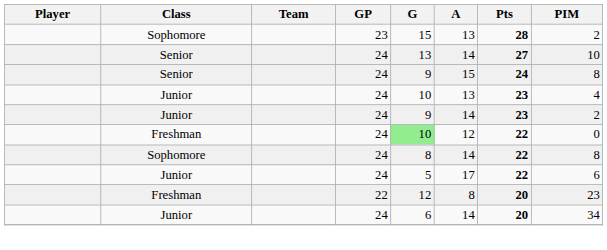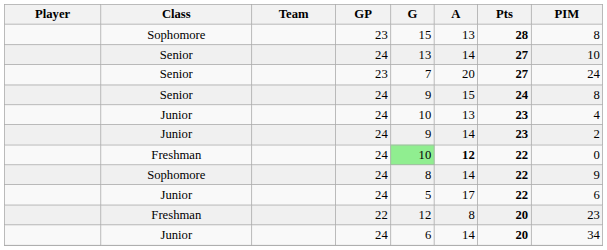 <table class="wikitable sortable" style="text-align: center; "width=60%">
 <tr>
 <th>Player</th>
 <th>Class</th>
 <th>Team</th>
 <th>GP</th>
 <th>G</th>
 <th>A</th>
 <th>Pts</th>
 <th>PIM</th>
 </tr>
 <tr>
 <td style="text-align: left"></td>
 <td>Sophomore</td>
 <td><strong><a href='#'></a></strong></td>
 <td style="text-align: right">23</td>
 <td style="text-align: right">15</td>
 <td style="text-align: right">13</td>
 <td style="text-align: right"><strong>28</strong></td>
-<td style="text-align: right">2</td>
+<td style="text-align: right">8</td>
 </tr>
 <tr bgcolor=f0f0f0>
 <td style="text-align: left"></td>
 <td>Senior</td>
 <td><strong><a href='#'></a></strong></td>
 <td style="text-align: right">24</td>
 <td style="text-align: right">13</td>
 <td style="text-align: right">14</td>
 <td style="text-align: right"><strong>27</strong></td>
 <td style="text-align: right">10</td>
+</tr>
+<tr>
+<td style="text-align: left"></td>
+<td>Senior</td>
+<td><strong><a href='#'></a></strong></td>
+<td style="text-align: right">23</td>
+<td style="text-align: right">7</td>
+<td style="text-align: right">20</td>
+<td style="text-align: right"><strong>27</strong></td>
+<td style="text-align: right">24</td>
 </tr>
 <tr bgcolor=f0f0f0>
 <td style="text-align: left"></td>
 <td>Senior</td>
 <td><strong><a href='#'></a></strong></td>
 <td style="text-align: right">24</td>
 <td style="text-align: right">9</td>
 <td style="text-align: right">15</td>
 <td style="text-align: right"><strong>24</strong></td>
 <td style="text-align: right">8</td>
 </tr>
 <tr>
 <td style="text-align: left"></td>
 <td>Junior</td>
 <td><strong><a href='#'></a></strong></td>
 <td style="text-align: right">24</td>
 <td style="text-align: right">10</td>
 <td style="text-align: right">13</td>
 <td style="text-align: right"><strong>23</strong></td>
 <td style="text-align: right">4</td>
 </tr>
 <tr bgcolor=f0f0f0>
 <td style="text-align: left"></td>
 <td>Junior</td>
 <td><strong><a href='#'></a></strong></td>
 <td style="text-align: right">24</td>
 <td style="text-align: right">9</td>
 <td style="text-align: right">14</td>
 <td style="text-align: right"><strong>23</strong></td>
 <td style="text-align: right">2</td>
 </tr>
 <tr>
 <td style="text-align: left"></td>
 <td>Freshman</td>
 <td><strong><a href='#'></a></strong></td>
 <td style="text-align: right">24</td>
 <td style="background: lightgreen; text-align: right">10</td>
-<td style="text-align: right">12</td>
+<td style="text-align: right"><strong>12</strong></td>
 <td style="text-align: right"><strong>22</strong></td>
 <td style="text-align: right">0</td>
 </tr>
 <tr bgcolor=f0f0f0>
 <td style="text-align: left"></td>
 <td>Sophomore</td>
 <td><strong><a href='#'></a></strong></td>
 <td style="text-align: right">24</td>
 <td style="text-align: right">8</td>
 <td style="text-align: right">14</td>
 <td style="text-align: right"><strong>22</strong></td>
-<td style="text-align: right">8</td>
+<td style="text-align: right">9</td>
 </tr>
 <tr>
 <td style="text-align: left"></td>
 <td>Junior</td>
 <td><strong><a href='#'></a></strong></td>
 <td style="text-align: right">24</td>
 <td style="text-align: right">5</td>
 <td style="text-align: right">17</td>
 <td style="text-align: right"><strong>22</strong></td>
 <td style="text-align: right">6</td>
 </tr>
 <tr bgcolor=f0f0f0>
 <td style="text-align: left"></td>
 <td>Freshman</td>
 <td><strong><a href='#'></a></strong></td>
 <td style="text-align: right">22</td>
 <td style="text-align: right">12</td>
 <td style="text-align: right">8</td>
 <td style="text-align: right"><strong>20</strong></td>
 <td style="text-align: right">23</td>
 </tr>
 <tr>
 <td style="text-align: left"></td>
 <td>Junior</td>
 <td><strong><a href='#'></a></strong></td>
 <td style="text-align: right">24</td>
 <td style="text-align: right">6</td>
 <td style="text-align: right">14</td>
 <td style="text-align: right"><strong>20</strong></td>
 <td style="text-align: right">34</td>
 </tr>
 <tr>
 </tr>
 </table>
